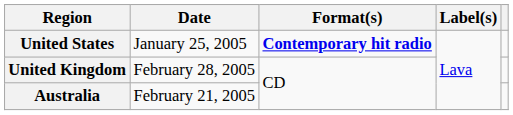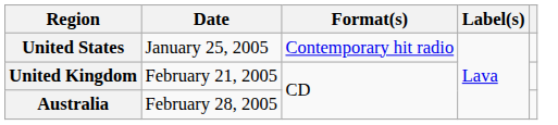 <table class="wikitable plainrowheaders">
 <tr>
 <th scope="col">Region</th>
 <th scope="col">Date</th>
 <th scope="col">Format(s)</th>
 <th scope="col">Label(s)</th>
 <th scope="col"></th>
 </tr>
 <tr>
 <th scope="row">United States</th>
 <td>January 25, 2005</td>
-<td><strong><a href='#'>Contemporary hit radio</a></strong></td>
+<td><a href='#'>Contemporary hit radio</a></td>
 <td rowspan="3"><a href='#'>Lava</a></td>
 <td></td>
 </tr>
 <tr>
 <th scope="row">United Kingdom</th>
-<td>February 28, 2005</td>
+<td>February 21, 2005</td>
 <td rowspan="2">CD</td>
 <td></td>
 </tr>
 <tr>
 <th scope="row">Australia</th>
-<td>February 21, 2005</td>
+<td>February 28, 2005</td>
 <td></td>
 </tr>
 </table>
